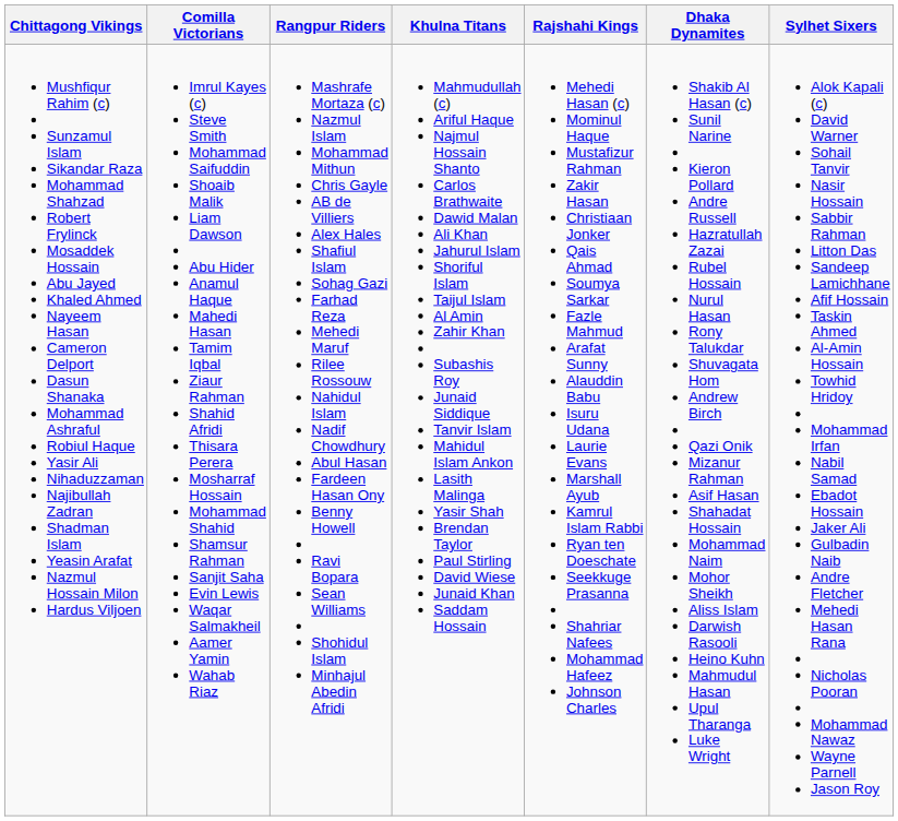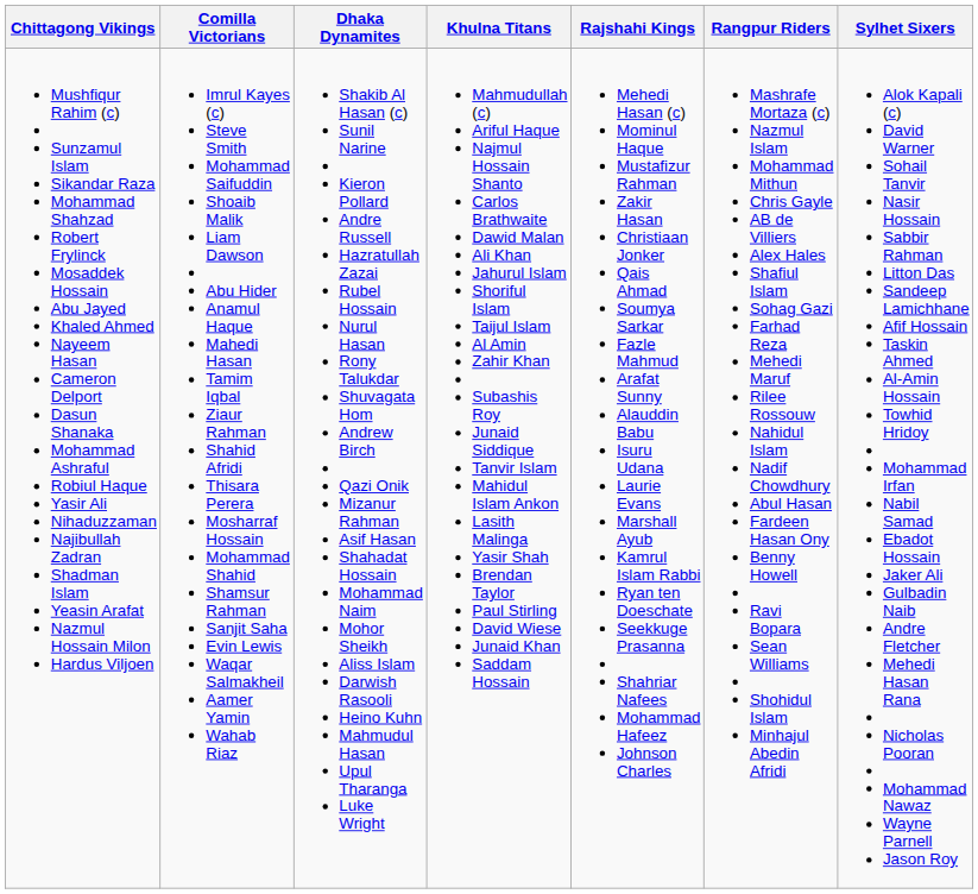 <table class="wikitable" Style="font-size:95%;">
 <tr>
 <th><a href='#'>Chittagong Vikings</a> <br><small></small></th>
 <th><a href='#'>Comilla Victorians</a> <br><small></small></th>
-<th><a href='#'>Rangpur Riders</a> <br><small></small></th>
+<th><a href='#'>Dhaka Dynamites</a> <br><small></small></th>
 <th><a href='#'>Khulna Titans</a> <br><small></small></th>
 <th><a href='#'>Rajshahi Kings</a> <br><small></small></th>
-<th><a href='#'>Dhaka Dynamites</a> <br><small></small></th>
+<th><a href='#'>Rangpur Riders</a> <br><small></small></th>
 <th><a href='#'>Sylhet Sixers</a> <br><small></small></th>
 </tr>
 <tr>
 <td valign=top><br><ul><li><a href='#'>Mushfiqur Rahim</a> (<a href='#'>c</a>)</li><li></li><li><a href='#'>Sunzamul Islam</a></li><li><a href='#'>Sikandar Raza</a></li><li><a href='#'>Mohammad Shahzad</a></li><li><a href='#'>Robert Frylinck</a></li><li><a href='#'>Mosaddek Hossain</a></li><li><a href='#'>Abu Jayed</a></li><li><a href='#'>Khaled Ahmed</a></li><li><a href='#'>Nayeem Hasan</a></li><li><a href='#'>Cameron Delport</a></li><li><a href='#'>Dasun Shanaka</a></li><li><a href='#'>Mohammad Ashraful</a></li><li><a href='#'>Robiul Haque</a></li><li><a href='#'>Yasir Ali</a></li><li><a href='#'>Nihaduzzaman</a></li><li><a href='#'>Najibullah Zadran</a></li><li><a href='#'>Shadman Islam</a></li><li><a href='#'>Yeasin Arafat</a></li><li><a href='#'>Nazmul Hossain Milon</a></li><li><a href='#'>Hardus Viljoen</a></li></ul></td>
 <td valign=top><br><ul><li><a href='#'>Imrul Kayes</a> (<a href='#'>c</a>)</li><li><a href='#'>Steve Smith</a></li><li><a href='#'>Mohammad Saifuddin</a></li><li><a href='#'>Shoaib Malik</a></li><li><a href='#'>Liam Dawson</a></li><li></li><li><a href='#'>Abu Hider</a></li><li><a href='#'>Anamul Haque</a></li><li><a href='#'>Mahedi Hasan</a></li><li><a href='#'>Tamim Iqbal</a></li><li><a href='#'>Ziaur Rahman</a></li><li><a href='#'>Shahid Afridi</a></li><li><a href='#'>Thisara Perera</a></li><li><a href='#'>Mosharraf Hossain</a></li><li><a href='#'>Mohammad Shahid</a></li><li><a href='#'>Shamsur Rahman</a></li><li><a href='#'>Sanjit Saha</a></li><li><a href='#'>Evin Lewis</a></li><li><a href='#'>Waqar Salmakheil</a></li><li><a href='#'>Aamer Yamin</a></li><li><a href='#'>Wahab Riaz</a></li></ul></td>
-<td valign=top><br><ul><li><a href='#'>Mashrafe Mortaza</a> (<a href='#'>c</a>)</li><li><a href='#'>Nazmul Islam</a></li><li><a href='#'>Mohammad Mithun</a></li><li><a href='#'>Chris Gayle</a></li><li><a href='#'>AB de Villiers</a></li><li><a href='#'>Alex Hales</a></li><li><a href='#'>Shafiul Islam</a></li><li><a href='#'>Sohag Gazi</a></li><li><a href='#'>Farhad Reza</a></li><li><a href='#'>Mehedi Maruf</a></li><li><a href='#'>Rilee Rossouw</a></li><li><a href='#'>Nahidul Islam</a></li><li><a href='#'>Nadif Chowdhury</a></li><li><a href='#'>Abul Hasan</a></li><li><a href='#'>Fardeen Hasan Ony</a></li><li><a href='#'>Benny Howell</a></li><li></li><li><a href='#'>Ravi Bopara</a></li><li><a href='#'>Sean Williams</a></li><li></li><li><a href='#'>Shohidul Islam</a></li><li><a href='#'>Minhajul Abedin Afridi</a></li></ul></td>
+<td valign=top><br><ul><li><a href='#'>Shakib Al Hasan</a> (<a href='#'>c</a>)</li><li><a href='#'>Sunil Narine</a></li><li></li><li><a href='#'>Kieron Pollard</a></li><li><a href='#'>Andre Russell</a></li><li><a href='#'>Hazratullah Zazai</a></li><li><a href='#'>Rubel Hossain</a></li><li><a href='#'>Nurul Hasan</a></li><li><a href='#'>Rony Talukdar</a></li><li><a href='#'>Shuvagata Hom</a></li><li><a href='#'>Andrew Birch</a></li><li></li><li><a href='#'>Qazi Onik</a></li><li><a href='#'>Mizanur Rahman</a></li><li><a href='#'>Asif Hasan</a></li><li><a href='#'>Shahadat Hossain</a></li><li><a href='#'>Mohammad Naim</a></li><li><a href='#'>Mohor Sheikh</a></li><li><a href='#'>Aliss Islam</a></li><li><a href='#'>Darwish Rasooli</a></li><li><a href='#'>Heino Kuhn</a></li><li><a href='#'>Mahmudul Hasan</a></li><li><a href='#'>Upul Tharanga</a></li><li><a href='#'>Luke Wright</a></li></ul></td>
 <td valign=top><br><ul><li><a href='#'>Mahmudullah</a> (<a href='#'>c</a>)</li><li><a href='#'>Ariful Haque</a></li><li><a href='#'>Najmul Hossain Shanto</a></li><li><a href='#'>Carlos Brathwaite</a></li><li><a href='#'>Dawid Malan</a></li><li><a href='#'>Ali Khan</a></li><li><a href='#'>Jahurul Islam</a></li><li><a href='#'>Shoriful Islam</a></li><li><a href='#'>Taijul Islam</a></li><li><a href='#'>Al Amin</a></li><li><a href='#'>Zahir Khan</a></li><li></li><li><a href='#'>Subashis Roy</a></li><li><a href='#'>Junaid Siddique</a></li><li><a href='#'>Tanvir Islam</a></li><li><a href='#'>Mahidul Islam Ankon</a></li><li><a href='#'>Lasith Malinga</a></li><li><a href='#'>Yasir Shah</a></li><li><a href='#'>Brendan Taylor</a></li><li><a href='#'>Paul Stirling</a></li><li><a href='#'>David Wiese</a></li><li><a href='#'>Junaid Khan</a></li><li><a href='#'>Saddam Hossain</a></li></ul></td>
 <td valign=top><br><ul><li><a href='#'>Mehedi Hasan</a> (<a href='#'>c</a>)</li><li><a href='#'>Mominul Haque</a></li><li><a href='#'>Mustafizur Rahman</a></li><li><a href='#'>Zakir Hasan</a></li><li><a href='#'>Christiaan Jonker</a></li><li><a href='#'>Qais Ahmad</a></li><li><a href='#'>Soumya Sarkar</a></li><li><a href='#'>Fazle Mahmud</a></li><li><a href='#'>Arafat Sunny</a></li><li><a href='#'>Alauddin Babu</a></li><li><a href='#'>Isuru Udana</a></li><li><a href='#'>Laurie Evans</a></li><li><a href='#'>Marshall Ayub</a></li><li><a href='#'>Kamrul Islam Rabbi</a></li><li><a href='#'>Ryan ten Doeschate</a></li><li><a href='#'>Seekkuge Prasanna</a></li><li></li><li><a href='#'>Shahriar Nafees</a></li><li><a href='#'>Mohammad Hafeez</a></li><li><a href='#'>Johnson Charles</a></li></ul></td>
-<td valign=top><br><ul><li><a href='#'>Shakib Al Hasan</a> (<a href='#'>c</a>)</li><li><a href='#'>Sunil Narine</a></li><li></li><li><a href='#'>Kieron Pollard</a></li><li><a href='#'>Andre Russell</a></li><li><a href='#'>Hazratullah Zazai</a></li><li><a href='#'>Rubel Hossain</a></li><li><a href='#'>Nurul Hasan</a></li><li><a href='#'>Rony Talukdar</a></li><li><a href='#'>Shuvagata Hom</a></li><li><a href='#'>Andrew Birch</a></li><li></li><li><a href='#'>Qazi Onik</a></li><li><a href='#'>Mizanur Rahman</a></li><li><a href='#'>Asif Hasan</a></li><li><a href='#'>Shahadat Hossain</a></li><li><a href='#'>Mohammad Naim</a></li><li><a href='#'>Mohor Sheikh</a></li><li><a href='#'>Aliss Islam</a></li><li><a href='#'>Darwish Rasooli</a></li><li><a href='#'>Heino Kuhn</a></li><li><a href='#'>Mahmudul Hasan</a></li><li><a href='#'>Upul Tharanga</a></li><li><a href='#'>Luke Wright</a></li></ul></td>
+<td valign=top><br><ul><li><a href='#'>Mashrafe Mortaza</a> (<a href='#'>c</a>)</li><li><a href='#'>Nazmul Islam</a></li><li><a href='#'>Mohammad Mithun</a></li><li><a href='#'>Chris Gayle</a></li><li><a href='#'>AB de Villiers</a></li><li><a href='#'>Alex Hales</a></li><li><a href='#'>Shafiul Islam</a></li><li><a href='#'>Sohag Gazi</a></li><li><a href='#'>Farhad Reza</a></li><li><a href='#'>Mehedi Maruf</a></li><li><a href='#'>Rilee Rossouw</a></li><li><a href='#'>Nahidul Islam</a></li><li><a href='#'>Nadif Chowdhury</a></li><li><a href='#'>Abul Hasan</a></li><li><a href='#'>Fardeen Hasan Ony</a></li><li><a href='#'>Benny Howell</a></li><li></li><li><a href='#'>Ravi Bopara</a></li><li><a href='#'>Sean Williams</a></li><li></li><li><a href='#'>Shohidul Islam</a></li><li><a href='#'>Minhajul Abedin Afridi</a></li></ul></td>
 <td valign=top><br><ul><li><a href='#'>Alok Kapali</a> (<a href='#'>c</a>)</li><li><a href='#'>David Warner</a></li><li><a href='#'>Sohail Tanvir</a></li><li><a href='#'>Nasir Hossain</a></li><li><a href='#'>Sabbir Rahman</a></li><li><a href='#'>Litton Das</a></li><li><a href='#'>Sandeep Lamichhane</a></li><li><a href='#'>Afif Hossain</a></li><li><a href='#'>Taskin Ahmed</a></li><li><a href='#'>Al-Amin Hossain</a></li><li><a href='#'>Towhid Hridoy</a></li><li></li><li><a href='#'>Mohammad Irfan</a></li><li><a href='#'>Nabil Samad</a></li><li><a href='#'>Ebadot Hossain</a></li><li><a href='#'>Jaker Ali</a></li><li><a href='#'>Gulbadin Naib</a></li><li><a href='#'>Andre Fletcher</a></li><li><a href='#'>Mehedi Hasan Rana</a></li><li></li><li><a href='#'>Nicholas Pooran</a></li><li></li><li><a href='#'>Mohammad Nawaz</a></li><li><a href='#'>Wayne Parnell</a></li><li><a href='#'>Jason Roy</a></li></ul></td>
 </tr>
 </table>
